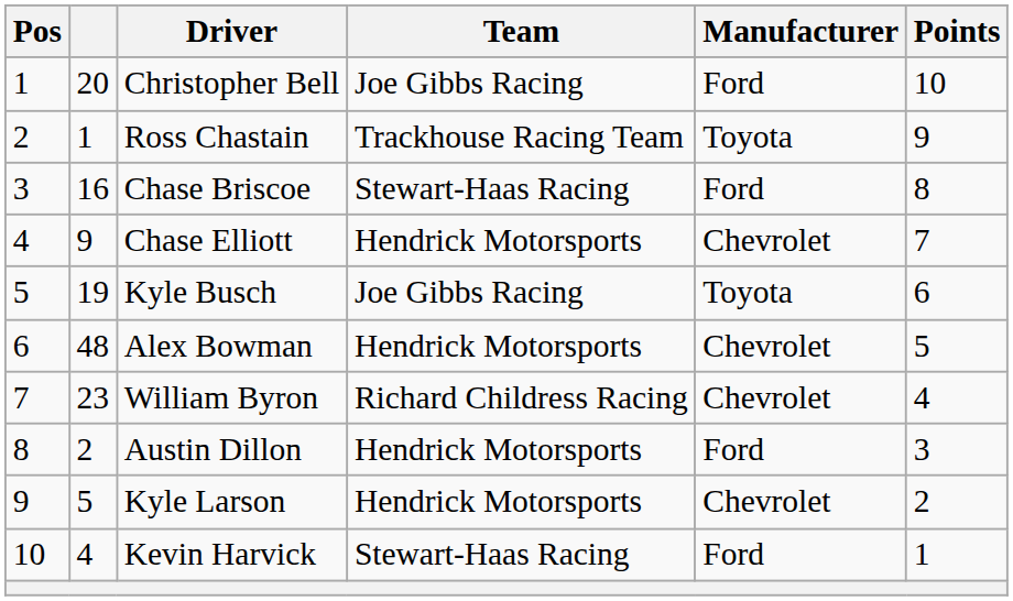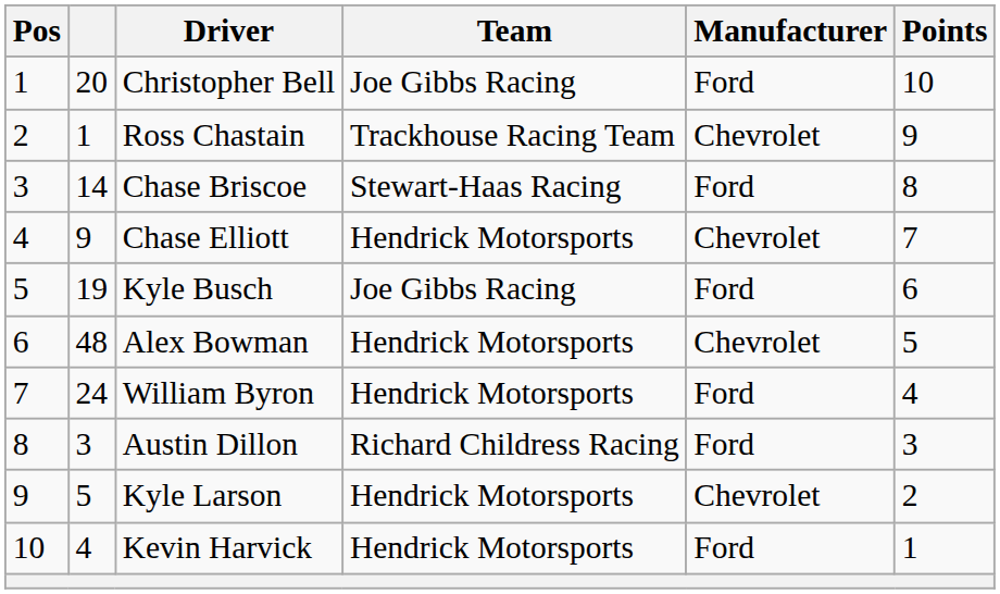 <table class="wikitable" style="font-size:98%">
 <tr>
 <th>Pos</th>
 <th></th>
 <th>Driver</th>
 <th>Team</th>
 <th>Manufacturer</th>
 <th>Points</th>
 </tr>
 <tr>
 <td>1</td>
 <td>20</td>
 <td>Christopher Bell</td>
 <td>Joe Gibbs Racing</td>
 <td>Ford</td>
 <td>10</td>
 </tr>
 <tr>
 <td>2</td>
 <td>1</td>
 <td>Ross Chastain</td>
 <td>Trackhouse Racing Team</td>
-<td>Toyota</td>
+<td>Chevrolet</td>
 <td>9</td>
 </tr>
 <tr>
 <td>3</td>
-<td>16</td>
+<td>14</td>
 <td>Chase Briscoe</td>
 <td>Stewart-Haas Racing</td>
 <td>Ford</td>
 <td>8</td>
 </tr>
 <tr>
 <td>4</td>
 <td>9</td>
 <td>Chase Elliott</td>
 <td>Hendrick Motorsports</td>
 <td>Chevrolet</td>
 <td>7</td>
 </tr>
 <tr>
 <td>5</td>
 <td>19</td>
 <td>Kyle Busch</td>
 <td>Joe Gibbs Racing</td>
-<td>Toyota</td>
+<td>Ford</td>
 <td>6</td>
 </tr>
 <tr>
 <td>6</td>
 <td>48</td>
 <td>Alex Bowman</td>
 <td>Hendrick Motorsports</td>
 <td>Chevrolet</td>
 <td>5</td>
 </tr>
 <tr>
 <td>7</td>
-<td>23</td>
+<td>24</td>
 <td>William Byron</td>
-<td>Richard Childress Racing</td>
-<td>Chevrolet</td>
+<td>Hendrick Motorsports</td>
+<td>Ford</td>
 <td>4</td>
 </tr>
 <tr>
 <td>8</td>
-<td>2</td>
+<td>3</td>
 <td>Austin Dillon</td>
-<td>Hendrick Motorsports</td>
+<td>Richard Childress Racing</td>
 <td>Ford</td>
 <td>3</td>
 </tr>
 <tr>
 <td>9</td>
 <td>5</td>
 <td>Kyle Larson</td>
 <td>Hendrick Motorsports</td>
 <td>Chevrolet</td>
 <td>2</td>
 </tr>
 <tr>
 <td>10</td>
 <td>4</td>
 <td>Kevin Harvick</td>
-<td>Stewart-Haas Racing</td>
+<td>Hendrick Motorsports</td>
 <td>Ford</td>
 <td>1</td>
 </tr>
 <tr>
 <th colspan="6"></th>
 </tr>
 </table>
